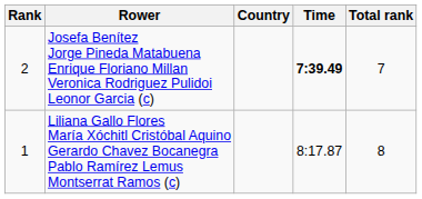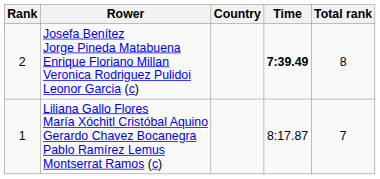 <table class="wikitable" style="text-align:center">
 <tr>
 <th>Rank</th>
 <th>Rower</th>
 <th>Country</th>
 <th>Time</th>
 <th>Total rank</th>
 </tr>
 <tr>
 <td>2</td>
 <td align="left"><a href='#'>Josefa Benítez</a><br><a href='#'>Jorge Pineda Matabuena</a><br><a href='#'>Enrique Floriano Millan</a><br><a href='#'>Veronica Rodriguez Pulidoi</a><br><a href='#'>Leonor Garcia</a> (<a href='#'>c</a>)</td>
 <td align="left"></td>
 <td><strong>7:39.49</strong></td>
-<td>7</td>
+<td>8</td>
 </tr>
 <tr>
 <td>1</td>
 <td align="left"><a href='#'>Liliana Gallo Flores</a><br><a href='#'>María Xóchitl Cristóbal Aquino</a><br><a href='#'>Gerardo Chavez Bocanegra</a><br><a href='#'>Pablo Ramírez Lemus</a><br><a href='#'>Montserrat Ramos</a> (<a href='#'>c</a>)</td>
 <td align="left"></td>
 <td>8:17.87</td>
-<td>8</td>
+<td>7</td>
 </tr>
 </table>
